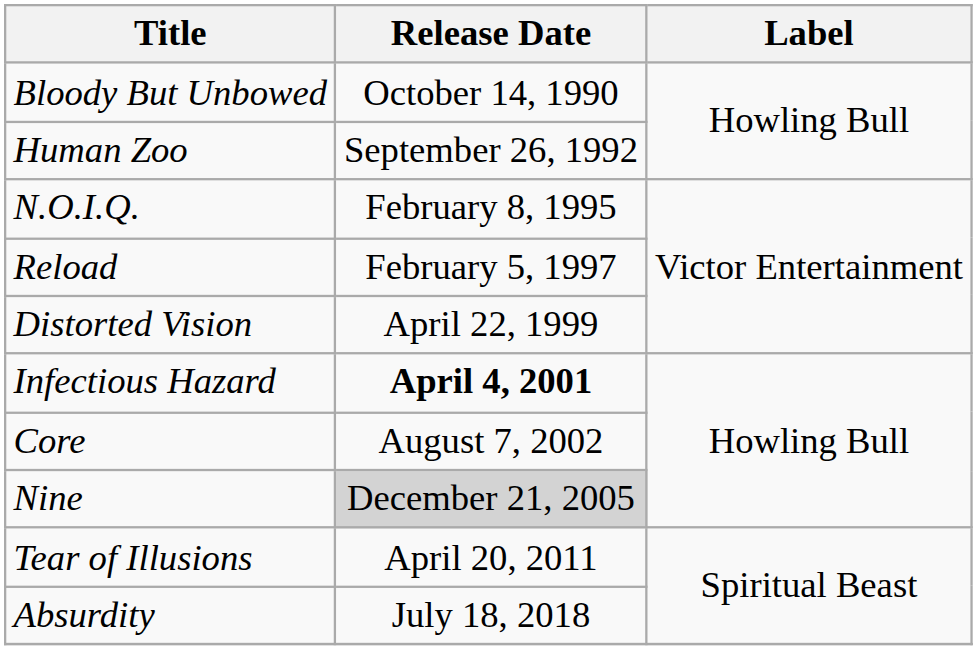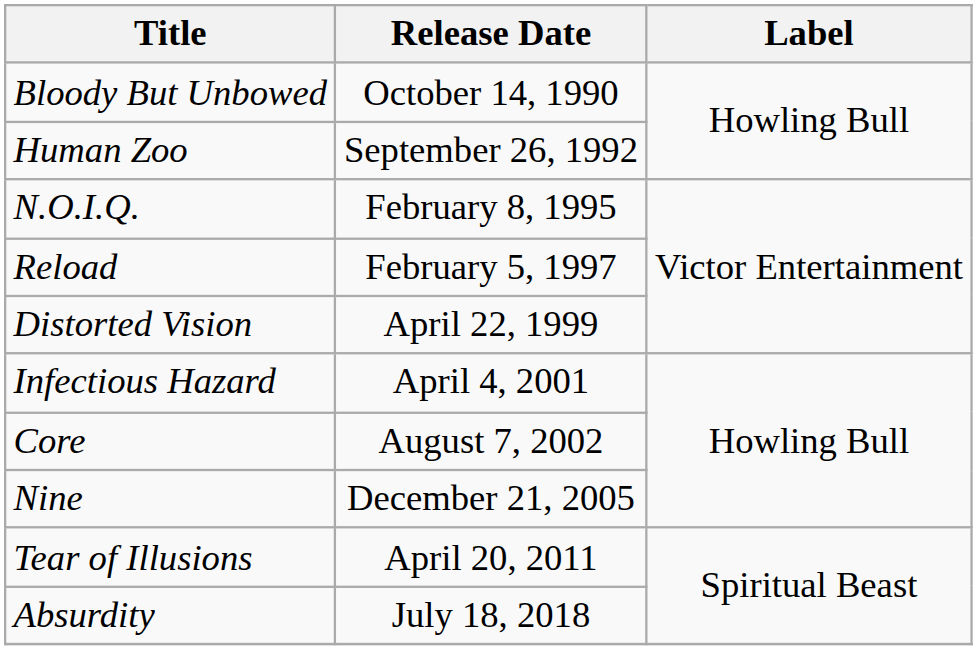 <table class="wikitable" style="font-size:">
 <tr>
 <th>Title</th>
 <th>Release Date</th>
 <th>Label</th>
 </tr>
 <tr>
 <td><em>Bloody But Unbowed</em></td>
 <td style="text-align:center">October 14, 1990</td>
 <td rowspan="2" style="text-align:center">Howling Bull</td>
 </tr>
 <tr>
 <td><em>Human Zoo</em></td>
 <td style="text-align:center">September 26, 1992</td>
 </tr>
 <tr>
 <td><em>N.O.I.Q.</em></td>
 <td style="text-align:center">February 8, 1995</td>
 <td rowspan="3" style="text-align:center">Victor Entertainment</td>
 </tr>
 <tr>
 <td><em>Reload</em></td>
 <td style="text-align:center">February 5, 1997</td>
 </tr>
 <tr>
 <td><em>Distorted Vision</em></td>
 <td style="text-align:center">April 22, 1999</td>
 </tr>
 <tr>
 <td><em>Infectious Hazard</em></td>
-<td style="text-align:center"><strong>April 4, 2001</strong></td>
+<td style="text-align:center">April 4, 2001</td>
 <td rowspan="3" style="text-align:center">Howling Bull</td>
 </tr>
 <tr>
 <td><em>Core</em></td>
 <td style="text-align:center">August 7, 2002</td>
 </tr>
 <tr>
 <td><em>Nine</em></td>
-<td style="background: lightgrey; text-align:center">December 21, 2005</td>
+<td style="text-align:center">December 21, 2005</td>
 </tr>
 <tr>
 <td><em>Tear of Illusions</em></td>
 <td style="text-align:center">April 20, 2011</td>
 <td rowspan="2" style="text-align:center">Spiritual Beast</td>
 </tr>
 <tr>
 <td><em>Absurdity</em></td>
 <td style="text-align:center">July 18, 2018</td>
 </tr>
 <tr>
 </tr>
 </table>
